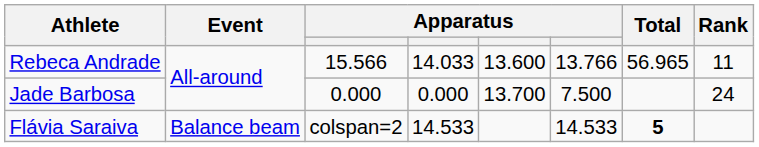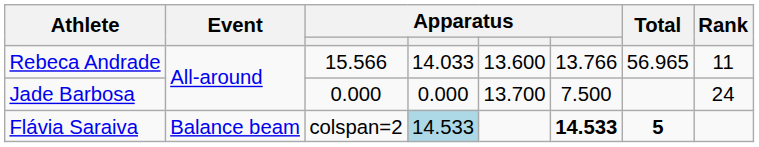 <table class="wikitable" style="font-size:90%">
 <tr>
 <th rowspan=2>Athlete</th>
 <th rowspan=2>Event</th>
 <th colspan=4>Apparatus</th>
 <th rowspan=2>Total</th>
 <th rowspan=2>Rank</th>
 </tr>
 <tr style="font-size:95%">
 <th></th>
 <th></th>
 <th></th>
 <th></th>
 </tr>
 <tr align=center>
 <td align=left><a href='#'>Rebeca Andrade</a></td>
 <td align=left rowspan=2><a href='#'>All-around</a></td>
 <td>15.566</td>
 <td>14.033</td>
 <td>13.600</td>
 <td>13.766</td>
 <td>56.965</td>
 <td>11</td>
 </tr>
 <tr align=center>
 <td align=left><a href='#'>Jade Barbosa</a></td>
 <td>0.000</td>
 <td>0.000</td>
 <td>13.700</td>
 <td>7.500</td>
 <td></td>
 <td>24</td>
 </tr>
 <tr align=center>
 <td align=left><a href='#'>Flávia Saraiva</a></td>
 <td align=left><a href='#'>Balance beam</a></td>
 <td>colspan=2 </td>
-<td>14.533</td>
+<td style="background: lightblue;">14.533</td>
 <td></td>
-<td>14.533</td>
+<td><strong>14.533</strong></td>
 <td><strong>5</strong></td>
 </tr>
 </table>
